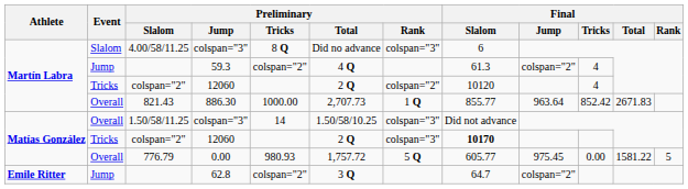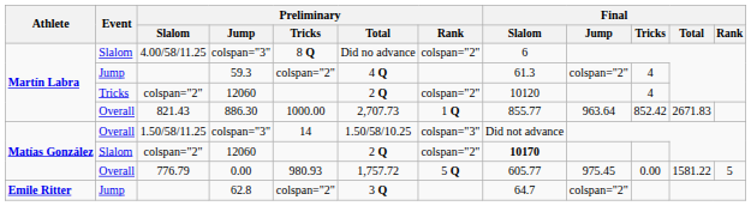 <table class=wikitable style=font-size:90%;text-align:center>
 <tr>
 <th rowspan=2>Athlete</th>
 <th rowspan=2>Event</th>
 <th colspan=5>Preliminary</th>
 <th colspan=5>Final</th>
 </tr>
 <tr style=font-size:95%>
 <th>Slalom</th>
 <th>Jump</th>
 <th>Tricks</th>
 <th>Total</th>
 <th>Rank</th>
 <th>Slalom</th>
 <th>Jump</th>
 <th>Tricks</th>
 <th>Total</th>
 <th>Rank</th>
 </tr>
 <tr>
 <td style="text-align:left" rowspan=4><strong><a href='#'>Martín Labra</a></strong></td>
 <td style="text-align:left"><a href='#'>Slalom</a></td>
 <td>4.00/58/11.25</td>
 <td>colspan="3" </td>
 <td>8 <strong>Q</strong></td>
 <td>Did no advance</td>
-<td>colspan="3" </td>
+<td>colspan="2" </td>
 <td>6</td>
 </tr>
 <tr>
 <td style="text-align:left"><a href='#'>Jump</a></td>
 <td></td>
 <td>59.3</td>
 <td>colspan="2" </td>
 <td>4 <strong>Q</strong></td>
 <td></td>
 <td>61.3</td>
 <td>colspan="2" </td>
 <td>4</td>
 </tr>
 <tr>
 <td style="text-align:left"><a href='#'>Tricks</a></td>
 <td>colspan="2" </td>
 <td>12060</td>
 <td></td>
 <td>2 <strong>Q</strong></td>
 <td>colspan="2" </td>
 <td>10120</td>
 <td></td>
 <td>4</td>
 </tr>
 <tr>
 <td style="text-align:left"><a href='#'>Overall</a></td>
 <td>821.43</td>
 <td>886.30</td>
 <td>1000.00</td>
 <td>2,707.73</td>
 <td>1 <strong>Q</strong></td>
 <td>855.77</td>
 <td>963.64</td>
 <td>852.42</td>
 <td>2671.83</td>
 <td></td>
 </tr>
 <tr>
 <td style="text-align:left" rowspan=3><strong><a href='#'>Matías González</a></strong></td>
 <td style="text-align:left"><a href='#'>Overall</a></td>
 <td>1.50/58/11.25</td>
 <td>colspan="3" </td>
 <td>14</td>
 <td>1.50/58/10.25</td>
 <td>colspan="3" </td>
 <td>Did not advance</td>
 </tr>
 <tr>
-<td style="text-align:left"><a href='#'>Tricks</a></td>
+<td style="text-align:left"><a href='#'>Slalom</a></td>
 <td>colspan="2" </td>
 <td>12060</td>
 <td></td>
 <td>2 <strong>Q</strong></td>
-<td>colspan="3" </td>
+<td>colspan="2" </td>
 <td><strong>10170</strong></td>
 <td></td>
 <td></td>
 </tr>
 <tr>
 <td style="text-align:left"><a href='#'>Overall</a></td>
 <td>776.79</td>
 <td>0.00</td>
 <td>980.93</td>
 <td>1,757.72</td>
 <td>5 <strong>Q</strong></td>
 <td>605.77</td>
 <td>975.45</td>
 <td>0.00</td>
 <td>1581.22</td>
 <td>5</td>
 </tr>
 <tr>
 <td style="text-align:left"><strong><a href='#'>Emile Ritter</a></strong></td>
 <td style="text-align:left"><a href='#'>Jump</a></td>
 <td></td>
 <td>62.8</td>
 <td>colspan="2" </td>
 <td>3 <strong>Q</strong></td>
 <td></td>
 <td>64.7</td>
 <td>colspan="2" </td>
 <td></td>
 </tr>
 </table>
